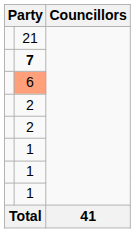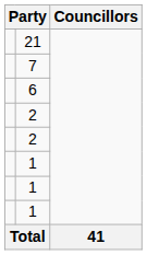 <table class="wikitable">
 <tr>
 <th colspan=2>Party</th>
 <th>Councillors</th>
 </tr>
 <tr>
 <td></td>
 <td align=center>21</td>
 </tr>
 <tr>
 <td></td>
-<td align=center><strong>7</strong></td>
+<td align=center>7</td>
 </tr>
 <tr>
 <td></td>
-<td align=center style="background: lightsalmon;">6</td>
+<td align=center>6</td>
 </tr>
 <tr>
 <td></td>
 <td align=center>2</td>
 </tr>
 <tr>
 <td></td>
 <td align=center>2</td>
 </tr>
 <tr>
 <td></td>
 <td align=center>1</td>
 </tr>
 <tr>
 <td></td>
 <td align=center>1</td>
 </tr>
 <tr>
 <td></td>
 <td align=center>1</td>
 </tr>
 <tr>
 <th colspan=2>Total</th>
 <th align=center>41</th>
 </tr>
 </table>
